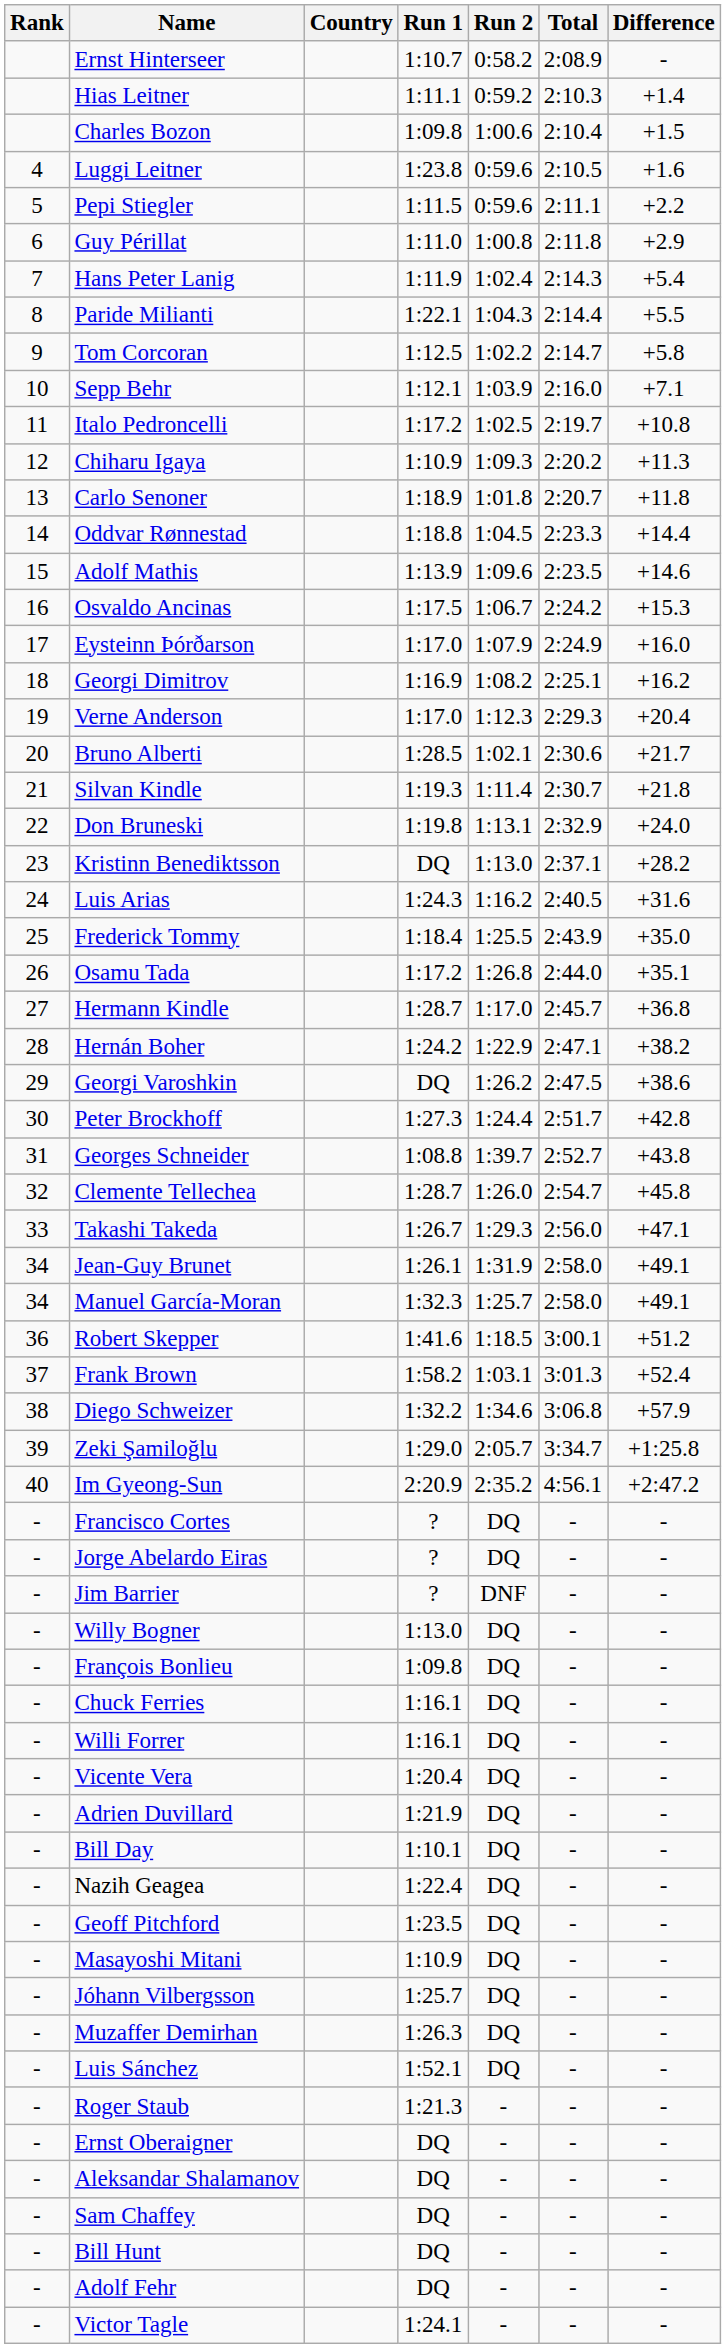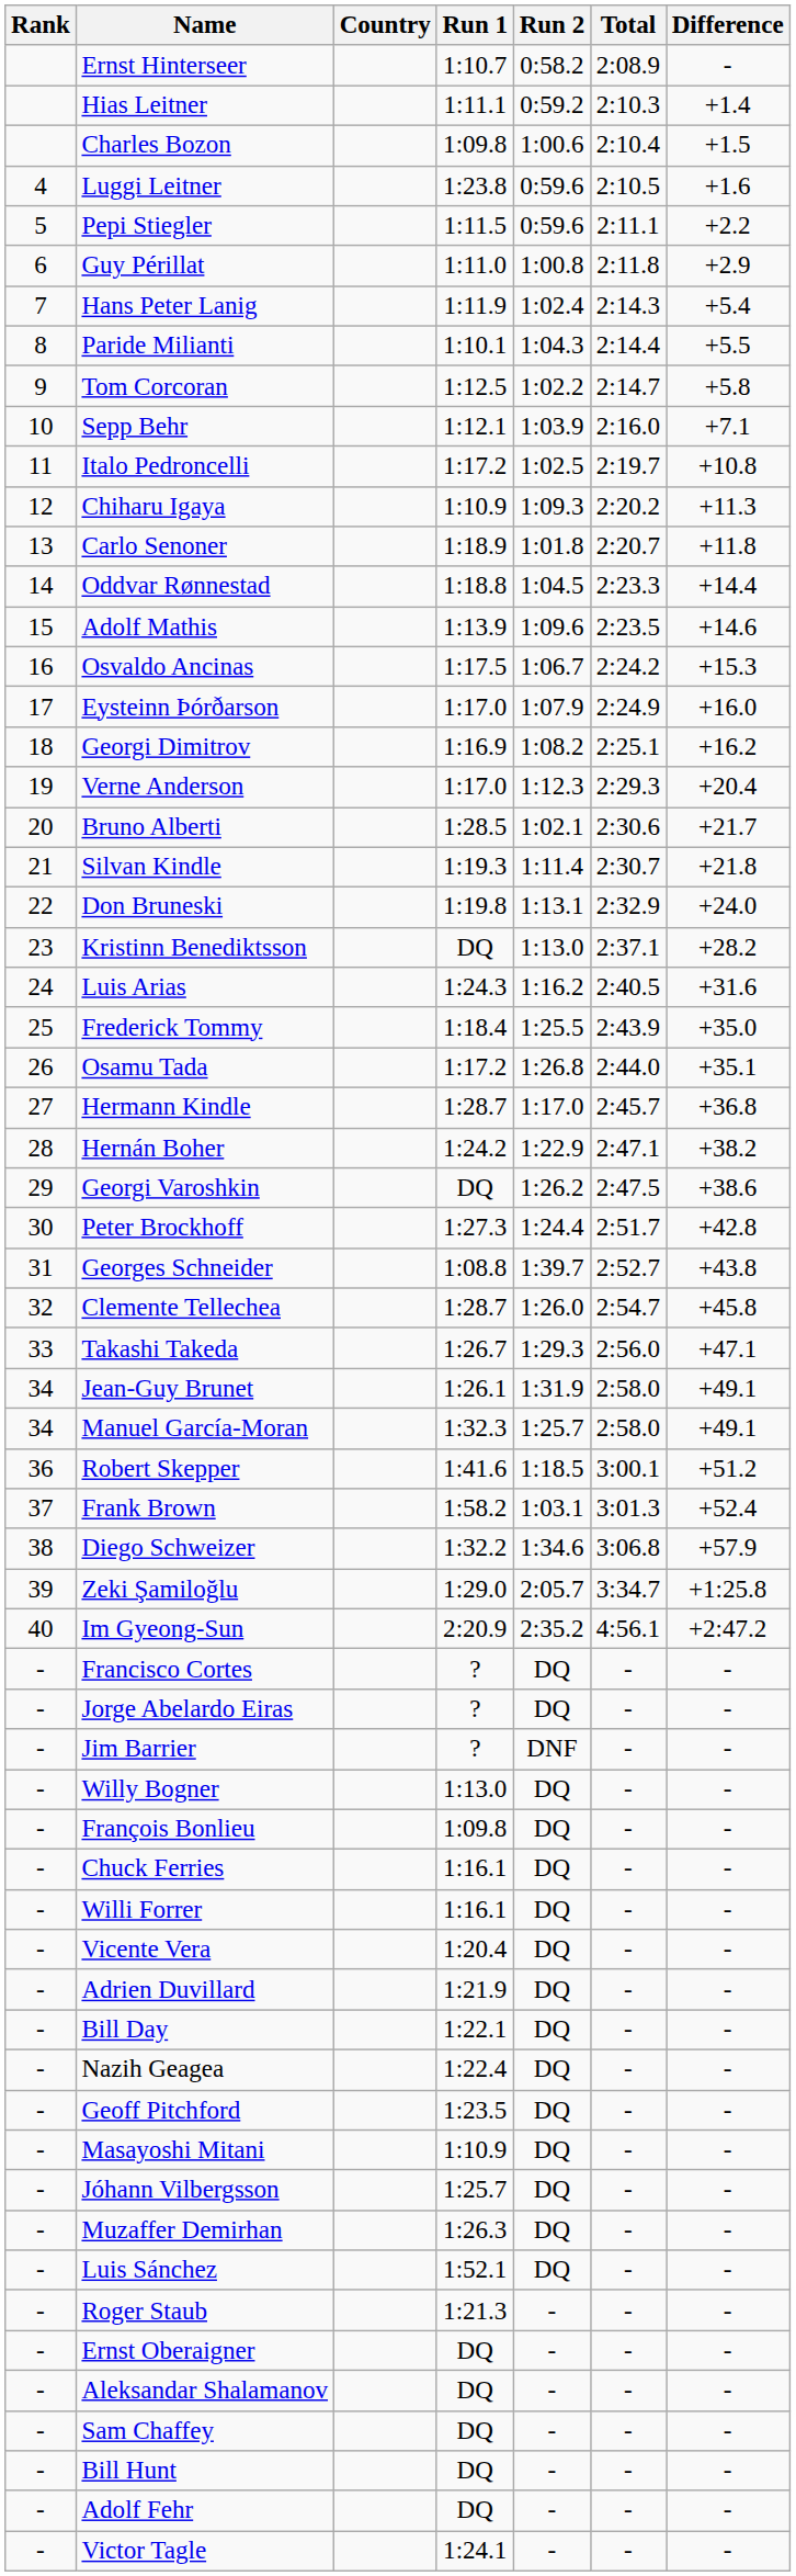 <table class="wikitable sortable" style="text-align:center">
 <tr>
 <th>Rank</th>
 <th>Name</th>
 <th>Country</th>
 <th>Run 1</th>
 <th>Run 2</th>
 <th>Total</th>
 <th>Difference</th>
 </tr>
 <tr>
 <td></td>
 <td align=left><a href='#'>Ernst Hinterseer</a></td>
 <td align=left></td>
 <td>1:10.7</td>
 <td>0:58.2</td>
 <td>2:08.9</td>
 <td>-</td>
 </tr>
 <tr>
 <td></td>
 <td align=left><a href='#'>Hias Leitner</a></td>
 <td align=left></td>
 <td>1:11.1</td>
 <td>0:59.2</td>
 <td>2:10.3</td>
 <td>+1.4</td>
 </tr>
 <tr>
 <td></td>
 <td align=left><a href='#'>Charles Bozon</a></td>
 <td align=left></td>
 <td>1:09.8</td>
 <td>1:00.6</td>
 <td>2:10.4</td>
 <td>+1.5</td>
 </tr>
 <tr>
 <td>4</td>
 <td align=left><a href='#'>Luggi Leitner</a></td>
 <td align=left></td>
 <td>1:23.8</td>
 <td>0:59.6</td>
 <td>2:10.5</td>
 <td>+1.6</td>
 </tr>
 <tr>
 <td>5</td>
 <td align=left><a href='#'>Pepi Stiegler</a></td>
 <td align=left></td>
 <td>1:11.5</td>
 <td>0:59.6</td>
 <td>2:11.1</td>
 <td>+2.2</td>
 </tr>
 <tr>
 <td>6</td>
 <td align=left><a href='#'>Guy Périllat</a></td>
 <td align=left></td>
 <td>1:11.0</td>
 <td>1:00.8</td>
 <td>2:11.8</td>
 <td>+2.9</td>
 </tr>
 <tr>
 <td>7</td>
 <td align=left><a href='#'>Hans Peter Lanig</a></td>
 <td align=left></td>
 <td>1:11.9</td>
 <td>1:02.4</td>
 <td>2:14.3</td>
 <td>+5.4</td>
 </tr>
 <tr>
 <td>8</td>
 <td align=left><a href='#'>Paride Milianti</a></td>
 <td align=left></td>
-<td>1:22.1</td>
+<td>1:10.1</td>
 <td>1:04.3</td>
 <td>2:14.4</td>
 <td>+5.5</td>
 </tr>
 <tr>
 <td>9</td>
 <td align=left><a href='#'>Tom Corcoran</a></td>
 <td align=left></td>
 <td>1:12.5</td>
 <td>1:02.2</td>
 <td>2:14.7</td>
 <td>+5.8</td>
 </tr>
 <tr>
 <td>10</td>
 <td align=left><a href='#'>Sepp Behr</a></td>
 <td align=left></td>
 <td>1:12.1</td>
 <td>1:03.9</td>
 <td>2:16.0</td>
 <td>+7.1</td>
 </tr>
 <tr>
 <td>11</td>
 <td align=left><a href='#'>Italo Pedroncelli</a></td>
 <td align=left></td>
 <td>1:17.2</td>
 <td>1:02.5</td>
 <td>2:19.7</td>
 <td>+10.8</td>
 </tr>
 <tr>
 <td>12</td>
 <td align=left><a href='#'>Chiharu Igaya</a></td>
 <td align=left></td>
 <td>1:10.9</td>
 <td>1:09.3</td>
 <td>2:20.2</td>
 <td>+11.3</td>
 </tr>
 <tr>
 <td>13</td>
 <td align=left><a href='#'>Carlo Senoner</a></td>
 <td align=left></td>
 <td>1:18.9</td>
 <td>1:01.8</td>
 <td>2:20.7</td>
 <td>+11.8</td>
 </tr>
 <tr>
 <td>14</td>
 <td align=left><a href='#'>Oddvar Rønnestad</a></td>
 <td align=left></td>
 <td>1:18.8</td>
 <td>1:04.5</td>
 <td>2:23.3</td>
 <td>+14.4</td>
 </tr>
 <tr>
 <td>15</td>
 <td align=left><a href='#'>Adolf Mathis</a></td>
 <td align=left></td>
 <td>1:13.9</td>
 <td>1:09.6</td>
 <td>2:23.5</td>
 <td>+14.6</td>
 </tr>
 <tr>
 <td>16</td>
 <td align=left><a href='#'>Osvaldo Ancinas</a></td>
 <td align=left></td>
 <td>1:17.5</td>
 <td>1:06.7</td>
 <td>2:24.2</td>
 <td>+15.3</td>
 </tr>
 <tr>
 <td>17</td>
 <td align=left><a href='#'>Eysteinn Þórðarson</a></td>
 <td align=left></td>
 <td>1:17.0</td>
 <td>1:07.9</td>
 <td>2:24.9</td>
 <td>+16.0</td>
 </tr>
 <tr>
 <td>18</td>
 <td align=left><a href='#'>Georgi Dimitrov</a></td>
 <td align=left></td>
 <td>1:16.9</td>
 <td>1:08.2</td>
 <td>2:25.1</td>
 <td>+16.2</td>
 </tr>
 <tr>
 <td>19</td>
 <td align=left><a href='#'>Verne Anderson</a></td>
 <td align=left></td>
 <td>1:17.0</td>
 <td>1:12.3</td>
 <td>2:29.3</td>
 <td>+20.4</td>
 </tr>
 <tr>
 <td>20</td>
 <td align=left><a href='#'>Bruno Alberti</a></td>
 <td align=left></td>
 <td>1:28.5</td>
 <td>1:02.1</td>
 <td>2:30.6</td>
 <td>+21.7</td>
 </tr>
 <tr>
 <td>21</td>
 <td align=left><a href='#'>Silvan Kindle</a></td>
 <td align=left></td>
 <td>1:19.3</td>
 <td>1:11.4</td>
 <td>2:30.7</td>
 <td>+21.8</td>
 </tr>
 <tr>
 <td>22</td>
 <td align=left><a href='#'>Don Bruneski</a></td>
 <td align=left></td>
 <td>1:19.8</td>
 <td>1:13.1</td>
 <td>2:32.9</td>
 <td>+24.0</td>
 </tr>
 <tr>
 <td>23</td>
 <td align=left><a href='#'>Kristinn Benediktsson</a></td>
 <td align=left></td>
 <td>DQ</td>
 <td>1:13.0</td>
 <td>2:37.1</td>
 <td>+28.2</td>
 </tr>
 <tr>
 <td>24</td>
 <td align=left><a href='#'>Luis Arias</a></td>
 <td align=left></td>
 <td>1:24.3</td>
 <td>1:16.2</td>
 <td>2:40.5</td>
 <td>+31.6</td>
 </tr>
 <tr>
 <td>25</td>
 <td align=left><a href='#'>Frederick Tommy</a></td>
 <td align=left></td>
 <td>1:18.4</td>
 <td>1:25.5</td>
 <td>2:43.9</td>
 <td>+35.0</td>
 </tr>
 <tr>
 <td>26</td>
 <td align=left><a href='#'>Osamu Tada</a></td>
 <td align=left></td>
 <td>1:17.2</td>
 <td>1:26.8</td>
 <td>2:44.0</td>
 <td>+35.1</td>
 </tr>
 <tr>
 <td>27</td>
 <td align=left><a href='#'>Hermann Kindle</a></td>
 <td align=left></td>
 <td>1:28.7</td>
 <td>1:17.0</td>
 <td>2:45.7</td>
 <td>+36.8</td>
 </tr>
 <tr>
 <td>28</td>
 <td align=left><a href='#'>Hernán Boher</a></td>
 <td align=left></td>
 <td>1:24.2</td>
 <td>1:22.9</td>
 <td>2:47.1</td>
 <td>+38.2</td>
 </tr>
 <tr>
 <td>29</td>
 <td align=left><a href='#'>Georgi Varoshkin</a></td>
 <td align=left></td>
 <td>DQ</td>
 <td>1:26.2</td>
 <td>2:47.5</td>
 <td>+38.6</td>
 </tr>
 <tr>
 <td>30</td>
 <td align=left><a href='#'>Peter Brockhoff</a></td>
 <td align=left></td>
 <td>1:27.3</td>
 <td>1:24.4</td>
 <td>2:51.7</td>
 <td>+42.8</td>
 </tr>
 <tr>
 <td>31</td>
 <td align=left><a href='#'>Georges Schneider</a></td>
 <td align=left></td>
 <td>1:08.8</td>
 <td>1:39.7</td>
 <td>2:52.7</td>
 <td>+43.8</td>
 </tr>
 <tr>
 <td>32</td>
 <td align=left><a href='#'>Clemente Tellechea</a></td>
 <td align=left></td>
 <td>1:28.7</td>
 <td>1:26.0</td>
 <td>2:54.7</td>
 <td>+45.8</td>
 </tr>
 <tr>
 <td>33</td>
 <td align=left><a href='#'>Takashi Takeda</a></td>
 <td align=left></td>
 <td>1:26.7</td>
 <td>1:29.3</td>
 <td>2:56.0</td>
 <td>+47.1</td>
 </tr>
 <tr>
 <td>34</td>
 <td align=left><a href='#'>Jean-Guy Brunet</a></td>
 <td align=left></td>
 <td>1:26.1</td>
 <td>1:31.9</td>
 <td>2:58.0</td>
 <td>+49.1</td>
 </tr>
 <tr>
 <td>34</td>
 <td align=left><a href='#'>Manuel García-Moran</a></td>
 <td align=left></td>
 <td>1:32.3</td>
 <td>1:25.7</td>
 <td>2:58.0</td>
 <td>+49.1</td>
 </tr>
 <tr>
 <td>36</td>
 <td align=left><a href='#'>Robert Skepper</a></td>
 <td align=left></td>
 <td>1:41.6</td>
 <td>1:18.5</td>
 <td>3:00.1</td>
 <td>+51.2</td>
 </tr>
 <tr>
 <td>37</td>
 <td align=left><a href='#'>Frank Brown</a></td>
 <td align=left></td>
 <td>1:58.2</td>
 <td>1:03.1</td>
 <td>3:01.3</td>
 <td>+52.4</td>
 </tr>
 <tr>
 <td>38</td>
 <td align=left><a href='#'>Diego Schweizer</a></td>
 <td align=left></td>
 <td>1:32.2</td>
 <td>1:34.6</td>
 <td>3:06.8</td>
 <td>+57.9</td>
 </tr>
 <tr>
 <td>39</td>
 <td align=left><a href='#'>Zeki Şamiloğlu</a></td>
 <td align=left></td>
 <td>1:29.0</td>
 <td>2:05.7</td>
 <td>3:34.7</td>
 <td>+1:25.8</td>
 </tr>
 <tr>
 <td>40</td>
 <td align=left><a href='#'>Im Gyeong-Sun</a></td>
 <td align=left></td>
 <td>2:20.9</td>
 <td>2:35.2</td>
 <td>4:56.1</td>
 <td>+2:47.2</td>
 </tr>
 <tr>
 <td>-</td>
 <td align=left><a href='#'>Francisco Cortes</a></td>
 <td align=left></td>
 <td>?</td>
 <td>DQ</td>
 <td>-</td>
 <td>-</td>
 </tr>
 <tr>
 <td>-</td>
 <td align=left><a href='#'>Jorge Abelardo Eiras</a></td>
 <td align=left></td>
 <td>?</td>
 <td>DQ</td>
 <td>-</td>
 <td>-</td>
 </tr>
 <tr>
 <td>-</td>
 <td align=left><a href='#'>Jim Barrier</a></td>
 <td align=left></td>
 <td>?</td>
 <td>DNF</td>
 <td>-</td>
 <td>-</td>
 </tr>
 <tr>
 <td>-</td>
 <td align=left><a href='#'>Willy Bogner</a></td>
 <td align=left></td>
 <td>1:13.0</td>
 <td>DQ</td>
 <td>-</td>
 <td>-</td>
 </tr>
 <tr>
 <td>-</td>
 <td align=left><a href='#'>François Bonlieu</a></td>
 <td align=left></td>
 <td>1:09.8</td>
 <td>DQ</td>
 <td>-</td>
 <td>-</td>
 </tr>
 <tr>
 <td>-</td>
 <td align=left><a href='#'>Chuck Ferries</a></td>
 <td align=left></td>
 <td>1:16.1</td>
 <td>DQ</td>
 <td>-</td>
 <td>-</td>
 </tr>
 <tr>
 <td>-</td>
 <td align=left><a href='#'>Willi Forrer</a></td>
 <td align=left></td>
 <td>1:16.1</td>
 <td>DQ</td>
 <td>-</td>
 <td>-</td>
 </tr>
 <tr>
 <td>-</td>
 <td align=left><a href='#'>Vicente Vera</a></td>
 <td align=left></td>
 <td>1:20.4</td>
 <td>DQ</td>
 <td>-</td>
 <td>-</td>
 </tr>
 <tr>
 <td>-</td>
 <td align=left><a href='#'>Adrien Duvillard</a></td>
 <td align=left></td>
 <td>1:21.9</td>
 <td>DQ</td>
 <td>-</td>
 <td>-</td>
 </tr>
 <tr>
 <td>-</td>
 <td align=left><a href='#'>Bill Day</a></td>
 <td align=left></td>
-<td>1:10.1</td>
+<td>1:22.1</td>
 <td>DQ</td>
 <td>-</td>
 <td>-</td>
 </tr>
 <tr>
 <td>-</td>
 <td align=left>Nazih Geagea</td>
 <td align=left></td>
 <td>1:22.4</td>
 <td>DQ</td>
 <td>-</td>
 <td>-</td>
 </tr>
 <tr>
 <td>-</td>
 <td align=left><a href='#'>Geoff Pitchford</a></td>
 <td align=left></td>
 <td>1:23.5</td>
 <td>DQ</td>
 <td>-</td>
 <td>-</td>
 </tr>
 <tr>
 <td>-</td>
 <td align=left><a href='#'>Masayoshi Mitani</a></td>
 <td align=left></td>
 <td>1:10.9</td>
 <td>DQ</td>
 <td>-</td>
 <td>-</td>
 </tr>
 <tr>
 <td>-</td>
 <td align=left><a href='#'>Jóhann Vilbergsson</a></td>
 <td align=left></td>
 <td>1:25.7</td>
 <td>DQ</td>
 <td>-</td>
 <td>-</td>
 </tr>
 <tr>
 <td>-</td>
 <td align=left><a href='#'>Muzaffer Demirhan</a></td>
 <td align=left></td>
 <td>1:26.3</td>
 <td>DQ</td>
 <td>-</td>
 <td>-</td>
 </tr>
 <tr>
 <td>-</td>
 <td align=left><a href='#'>Luis Sánchez</a></td>
 <td align=left></td>
 <td>1:52.1</td>
 <td>DQ</td>
 <td>-</td>
 <td>-</td>
 </tr>
 <tr>
 <td>-</td>
 <td align=left><a href='#'>Roger Staub</a></td>
 <td align=left></td>
 <td>1:21.3</td>
 <td>-</td>
 <td>-</td>
 <td>-</td>
 </tr>
 <tr>
 <td>-</td>
 <td align=left><a href='#'>Ernst Oberaigner</a></td>
 <td align=left></td>
 <td>DQ</td>
 <td>-</td>
 <td>-</td>
 <td>-</td>
 </tr>
 <tr>
 <td>-</td>
 <td align=left><a href='#'>Aleksandar Shalamanov</a></td>
 <td align=left></td>
 <td>DQ</td>
 <td>-</td>
 <td>-</td>
 <td>-</td>
 </tr>
 <tr>
 <td>-</td>
 <td align=left><a href='#'>Sam Chaffey</a></td>
 <td align=left></td>
 <td>DQ</td>
 <td>-</td>
 <td>-</td>
 <td>-</td>
 </tr>
 <tr>
 <td>-</td>
 <td align=left><a href='#'>Bill Hunt</a></td>
 <td align=left></td>
 <td>DQ</td>
 <td>-</td>
 <td>-</td>
 <td>-</td>
 </tr>
 <tr>
 <td>-</td>
 <td align=left><a href='#'>Adolf Fehr</a></td>
 <td align=left></td>
 <td>DQ</td>
 <td>-</td>
 <td>-</td>
 <td>-</td>
 </tr>
 <tr>
 <td>-</td>
 <td align=left><a href='#'>Victor Tagle</a></td>
 <td align=left></td>
 <td>1:24.1</td>
 <td>-</td>
 <td>-</td>
 <td>-</td>
 </tr>
 </table>
